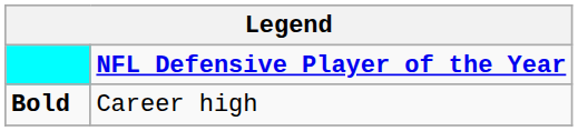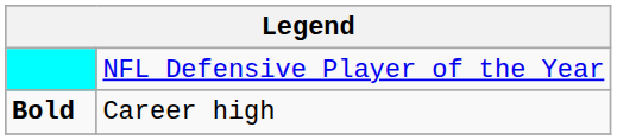 <table class="wikitable mw-collapsible mw-collapsed">
 <tr>
 <th colspan="2">Legend</th>
 </tr>
 <tr>
 <td style="background:#00FFFF; width:3em"></td>
-<td><strong><a href='#'>NFL Defensive Player of the Year</a></strong></td>
+<td><a href='#'>NFL Defensive Player of the Year</a></td>
 </tr>
 <tr>
 <td><strong>Bold</strong></td>
 <td>Career high</td>
 </tr>
 </table>
